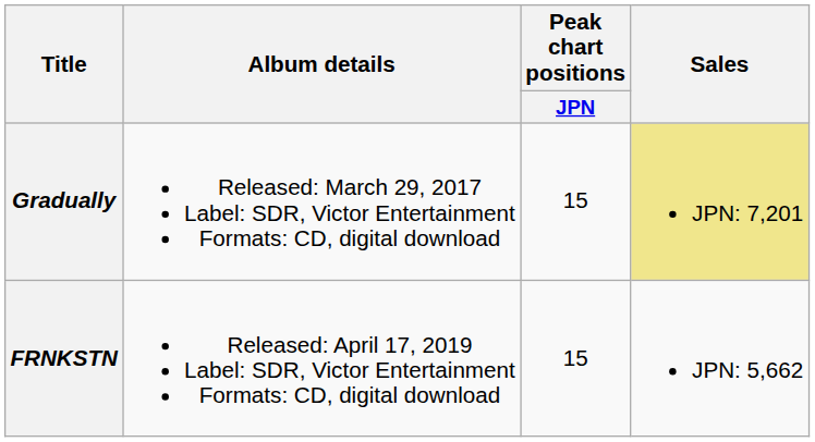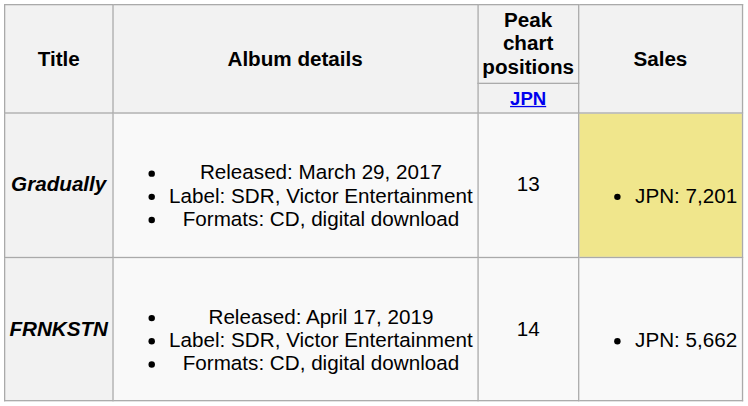 <table class="wikitable plainrowheaders" style="text-align:center;">
 <tr>
 <th scope="col" rowspan="2">Title</th>
 <th scope="col" rowspan="2">Album details</th>
 <th scope="col" colspan="1">Peak chart positions</th>
 <th scope="col" rowspan="2">Sales</th>
 </tr>
 <tr>
 <th scope="col" style="width:3em;font-size:90%;"><a href='#'>JPN</a><br></th>
 </tr>
 <tr>
 <th scope="row"><em>Gradually</em></th>
 <td><br><ul><li>Released: March 29, 2017</li><li>Label: SDR, Victor Entertainment </li><li>Formats: CD, digital download</li></ul></td>
-<td>15</td>
+<td>13</td>
 <td style="background: khaki;"><br><ul><li>JPN: 7,201</li></ul></td>
 </tr>
 <tr>
 <th scope="row"><em>FRNKSTN</em></th>
 <td><br><ul><li>Released: April 17, 2019</li><li>Label: SDR, Victor Entertainment </li><li>Formats: CD, digital download</li></ul> </td>
-<td>15</td>
+<td>14</td>
 <td><br><ul><li>JPN: 5,662</li></ul></td>
 </tr>
 </table>
